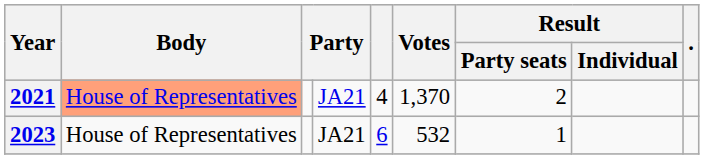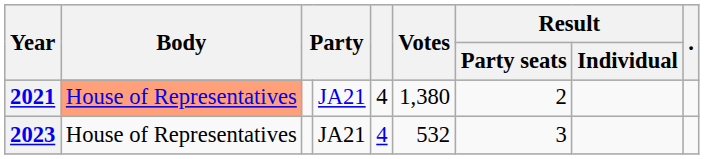 <table class="wikitable plainrowheaders sortable" border=2 cellpadding=4 cellspacing=0 style="border: 1px #aaa solid; font-size: 90%; text-align:center;">
 <tr>
 <th scope="col" rowspan=2>Year</th>
 <th scope="col" rowspan=2>Body</th>
 <th scope="col" colspan=2 rowspan=2>Party</th>
 <th scope="col" rowspan=2></th>
 <th scope="col" rowspan=2>Votes</th>
 <th scope="colgroup" colspan=2>Result</th>
 <th scope="col" rowspan=2 class="unsortable">.</th>
 </tr>
 <tr>
 <th scope="col">Party seats</th>
 <th scope="col">Individual</th>
 </tr>
 <tr>
 <th scope="row"><a href='#'>2021</a></th>
 <td style="background: lightsalmon;"><a href='#'>House of Representatives</a></td>
 <td style="background-color:"></td>
 <td><a href='#'>JA21</a></td>
 <td style=text-align:right>4</td>
-<td style=text-align:right>1,370</td>
+<td style=text-align:right>1,380</td>
 <td style=text-align:right>2</td>
 <td></td>
 <td></td>
 </tr>
 <tr>
 <th scope="row"><a href='#'>2023</a></th>
 <td>House of Representatives</td>
 <td style="background-color:"></td>
 <td>JA21</td>
-<td style=text-align:right><a href='#'>6</a></td>
+<td style=text-align:right><a href='#'>4</a></td>
 <td style=text-align:right>532</td>
-<td style=text-align:right>1</td>
+<td style=text-align:right>3</td>
 <td></td>
 <td></td>
 </tr>
 </table>
